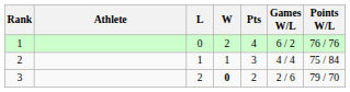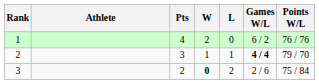 <table class="wikitable" style="text-align: center; font-size:90% ">
 <tr>
 <th width="20">Rank</th>
 <th width="200">Athlete</th>
+<th width="30">Pts</th>
+<th width="30">W</th>
 <th width="30">L</th>
-<th width="30">W</th>
-<th width="30">Pts</th>
 <th width="40">Games<br>W/L</th>
 <th width="50">Points<br>W/L</th>
 </tr>
 <tr bgcolor=#ccffcc>
 <td>1</td>
 <td align=left></td>
+<td>4</td>
+<td>2</td>
 <td>0</td>
-<td>2</td>
-<td>4</td>
 <td>6 / 2</td>
 <td>76 / 76</td>
 </tr>
 <tr>
 <td>2</td>
 <td align=left></td>
+<td>3</td>
 <td>1</td>
 <td>1</td>
-<td>3</td>
-<td>4 / 4</td>
-<td>75 / 84</td>
+<td><strong>4 / 4</strong></td>
+<td>79 / 70</td>
 </tr>
 <tr>
 <td>3</td>
 <td align=left></td>
 <td>2</td>
 <td><strong>0</strong></td>
 <td>2</td>
 <td>2 / 6</td>
-<td>79 / 70</td>
+<td>75 / 84</td>
 </tr>
 </table>
